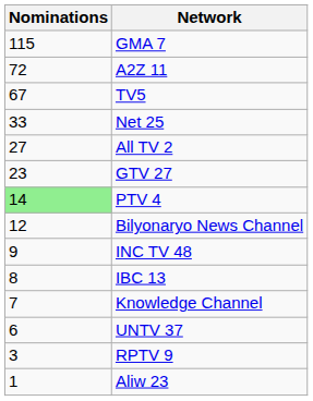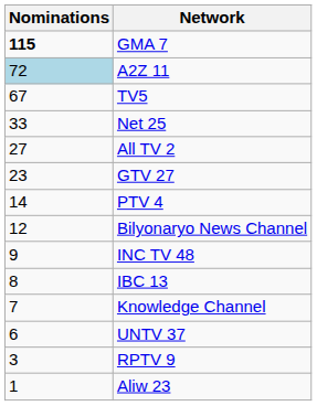 <table class="wikitable sortable">
 <tr>
 <th scope="col" style="width:55px;">Nominations</th>
 <th scope="col" style="text-align:center;">Network</th>
 </tr>
 <tr>
-<td>115</td>
+<td><strong>115</strong></td>
 <td><a href='#'>GMA 7</a></td>
 </tr>
 <tr>
-<td>72</td>
+<td style="background: lightblue;">72</td>
 <td><a href='#'>A2Z 11</a></td>
 </tr>
 <tr>
 <td>67</td>
 <td><a href='#'>TV5</a></td>
 </tr>
 <tr>
 <td>33</td>
 <td><a href='#'>Net 25</a></td>
 </tr>
 <tr>
 <td>27</td>
 <td><a href='#'>All TV 2</a></td>
 </tr>
 <tr>
 <td>23</td>
 <td><a href='#'>GTV 27</a></td>
 </tr>
 <tr>
-<td style="background: lightgreen;">14</td>
+<td>14</td>
 <td><a href='#'>PTV 4</a></td>
 </tr>
 <tr>
 <td>12</td>
 <td><a href='#'>Bilyonaryo News Channel</a></td>
 </tr>
 <tr>
 <td>9</td>
 <td><a href='#'>INC TV 48</a></td>
 </tr>
 <tr>
 <td>8</td>
 <td><a href='#'>IBC 13</a></td>
 </tr>
 <tr>
 <td>7</td>
 <td><a href='#'>Knowledge Channel</a></td>
 </tr>
 <tr>
 <td>6</td>
 <td><a href='#'>UNTV 37</a></td>
 </tr>
 <tr>
 <td>3</td>
 <td><a href='#'>RPTV 9</a></td>
 </tr>
 <tr>
 <td>1</td>
 <td><a href='#'>Aliw 23</a></td>
 </tr>
 </table>
